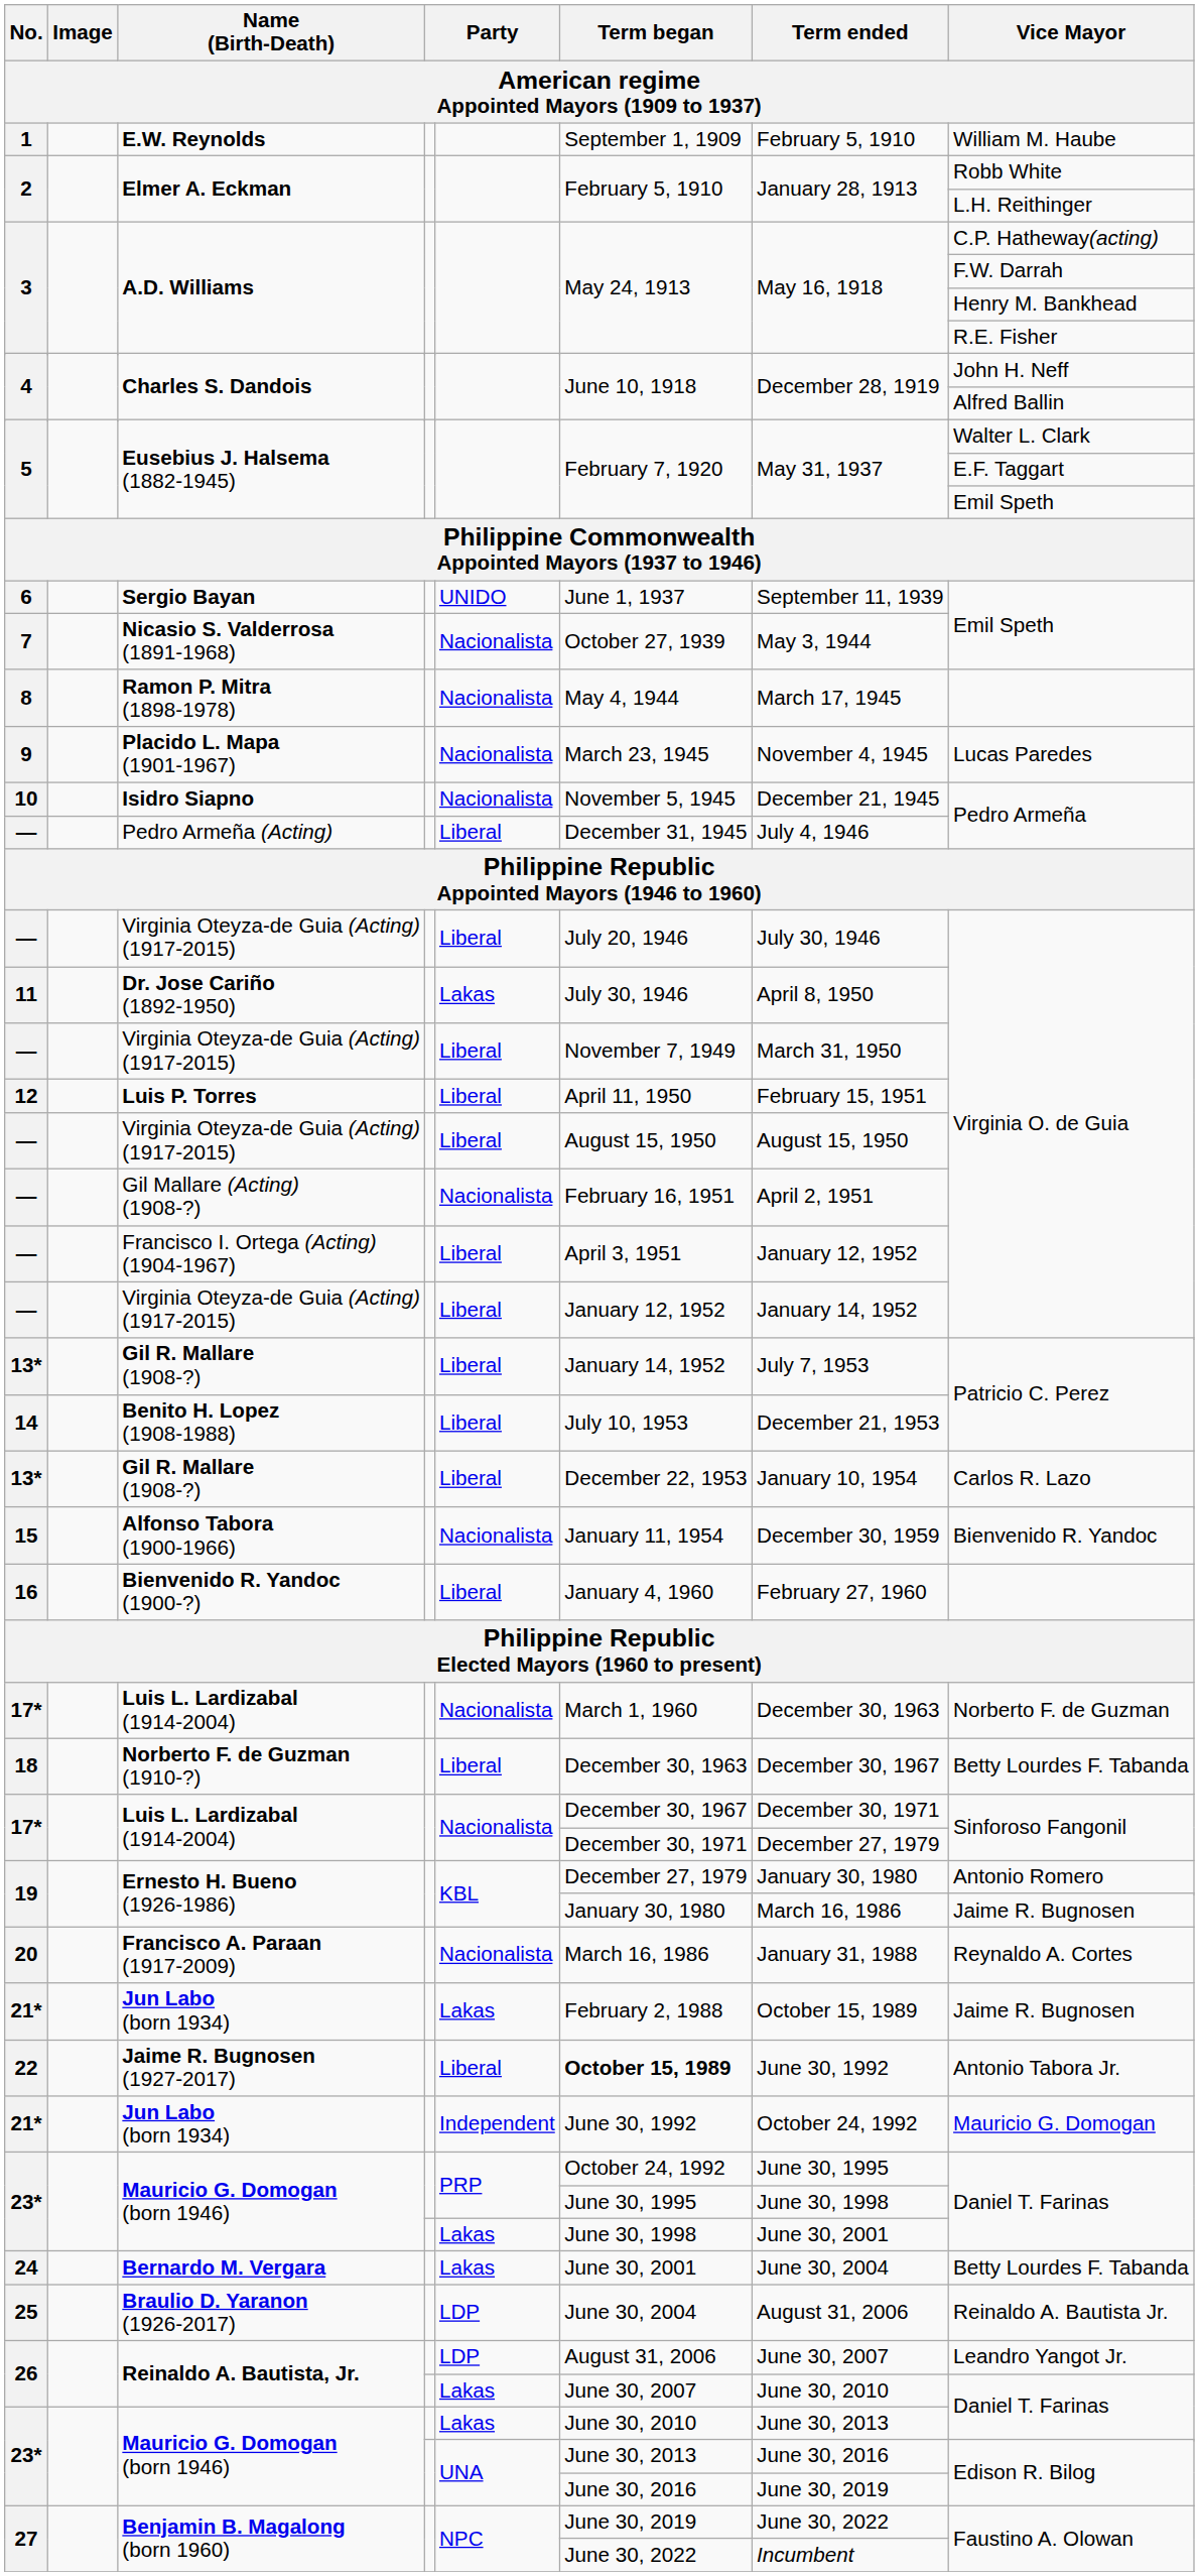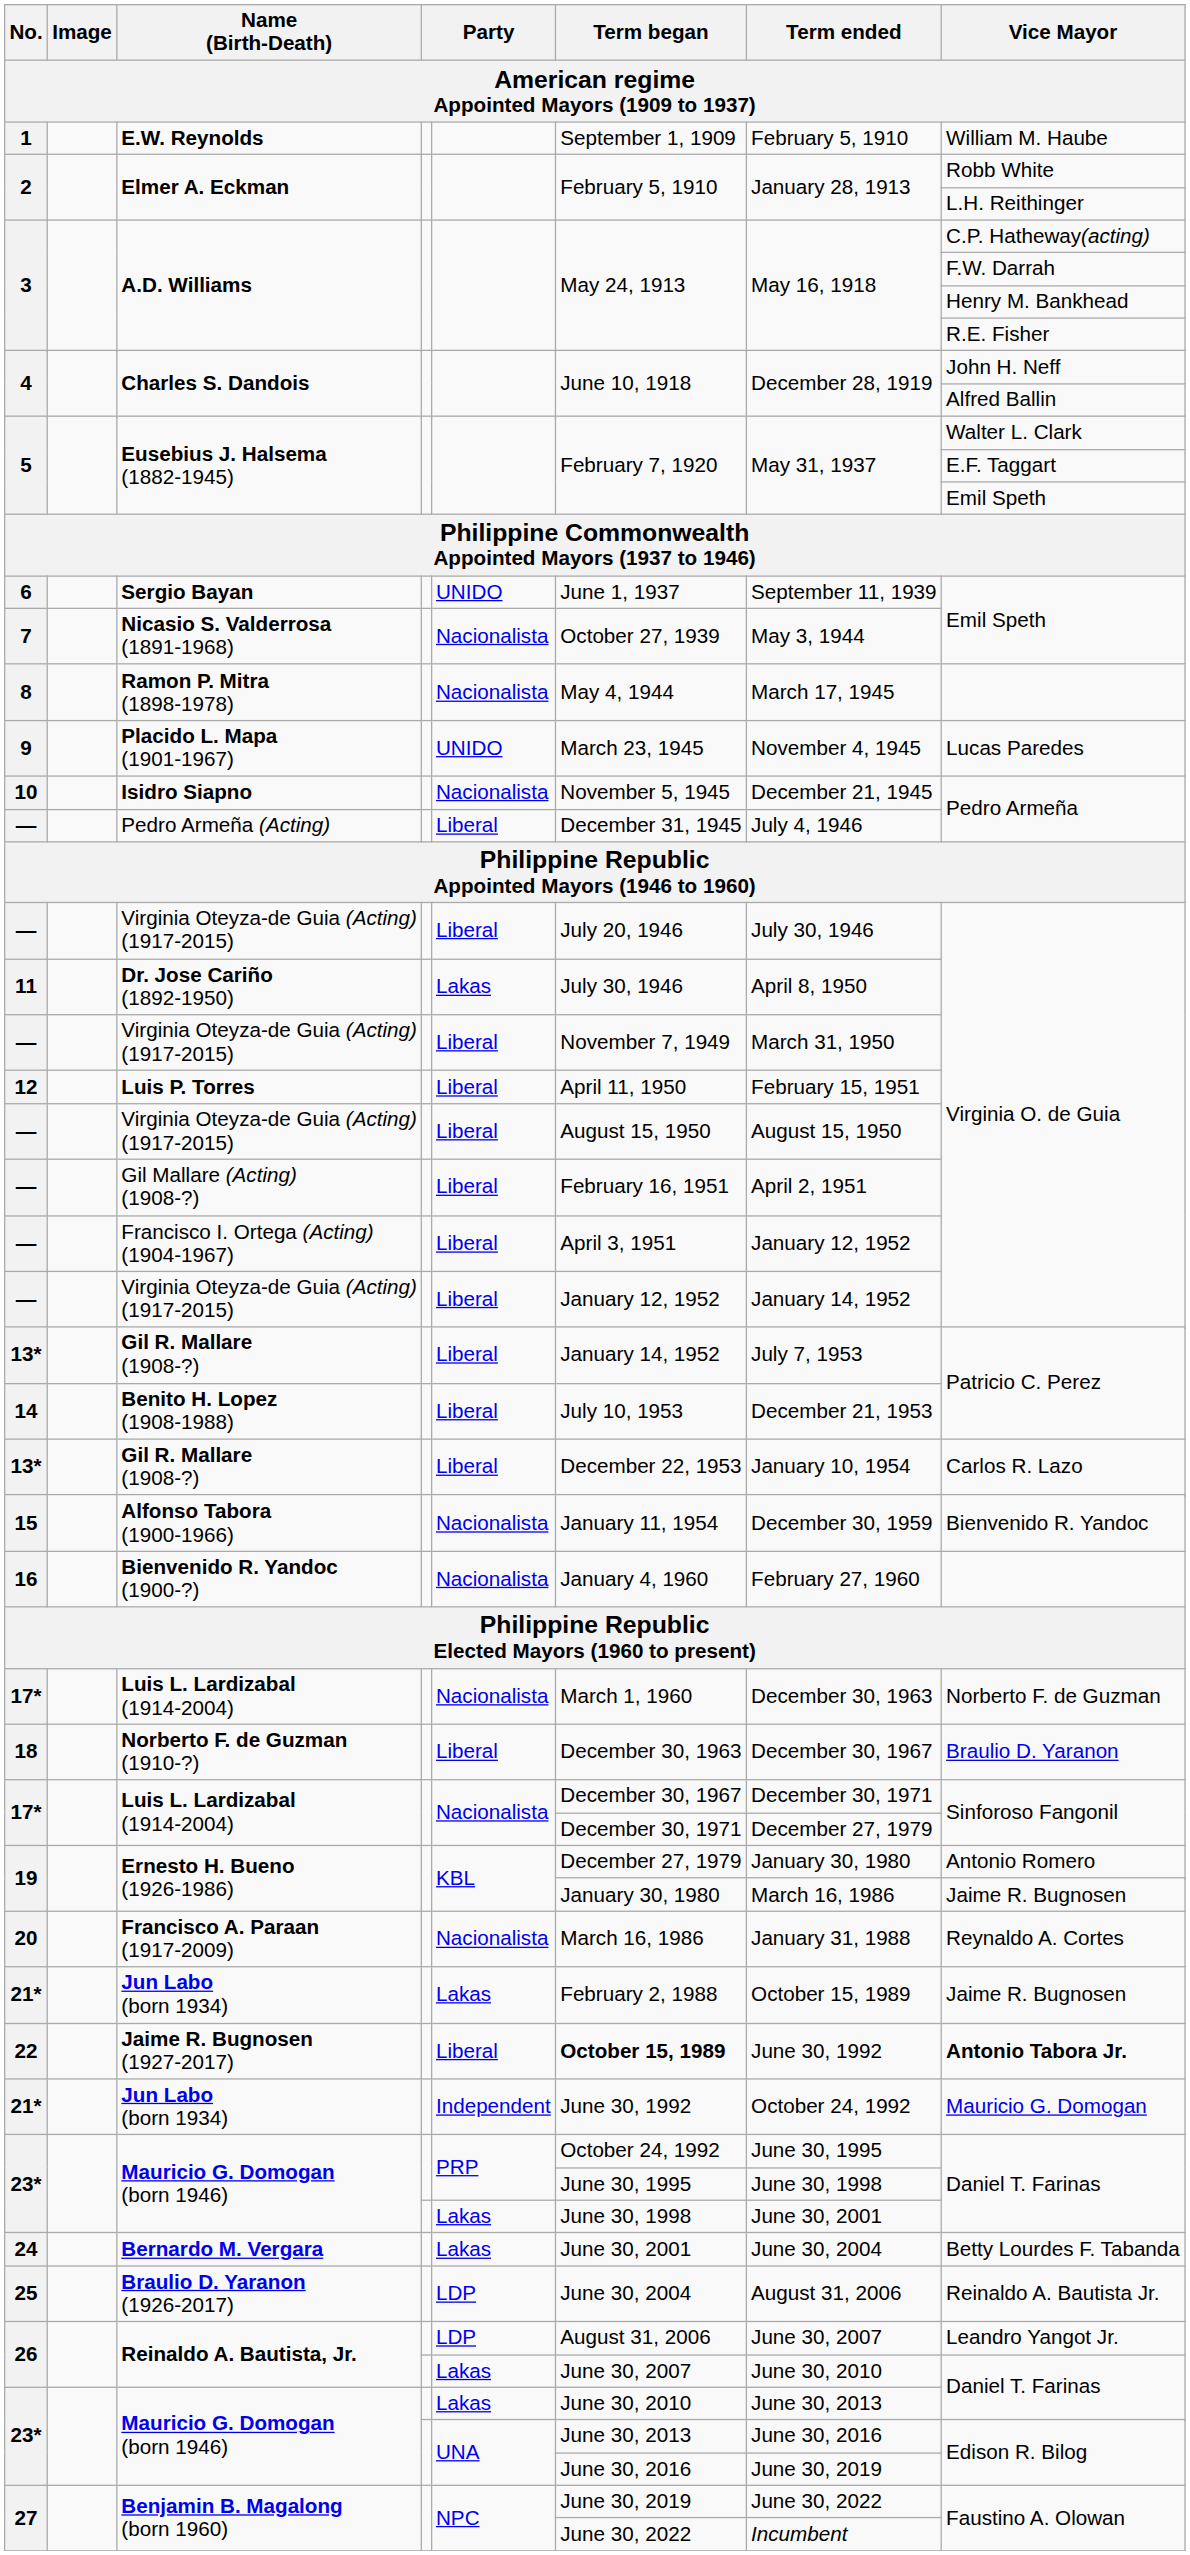 <table class="wikitable">
 <tr>
 <th>No.</th>
 <th>Image</th>
 <th>Name<br>(Birth-Death)</th>
 <th colspan="2">Party</th>
 <th>Term began</th>
 <th>Term ended</th>
 <th>Vice Mayor</th>
 </tr>
 <tr>
 <th colspan="8" align="center"><big>American regime</big> <br>Appointed Mayors (1909 to 1937)</th>
 </tr>
 <tr>
 <th><strong>1</strong></th>
 <td></td>
 <td><strong>E.W. Reynolds</strong></td>
 <td></td>
 <td></td>
 <td>September 1, 1909</td>
 <td>February 5, 1910</td>
 <td>William M. Haube</td>
 </tr>
 <tr>
 <th rowspan="2"><strong>2</strong></th>
 <td rowspan="2"></td>
 <td rowspan="2"><strong>Elmer A. Eckman</strong></td>
 <td rowspan="2"></td>
 <td rowspan="2"></td>
 <td rowspan="2">February 5, 1910</td>
 <td rowspan="2">January 28, 1913</td>
 <td>Robb White</td>
 </tr>
 <tr>
 <td>L.H. Reithinger</td>
 </tr>
 <tr>
 <th rowspan="5"><strong>3</strong></th>
 <td rowspan="5"></td>
 <td rowspan="5"><strong>A.D. Williams</strong></td>
 <td rowspan="5"></td>
 <td rowspan="5"></td>
 <td rowspan="5">May 24, 1913</td>
 <td rowspan="5">May 16, 1918</td>
 <td>C.P. Hatheway<em>(acting)</em></td>
 </tr>
 <tr>
 <td>F.W. Darrah</td>
 </tr>
 <tr>
 <td>Henry M. Bankhead</td>
 </tr>
 <tr>
 <td>R.E. Fisher</td>
 </tr>
 <tr>
 <td rowspan="2">John H. Neff</td>
 </tr>
 <tr>
 <th rowspan="3"><strong>4</strong></th>
 <td rowspan="3"></td>
 <td rowspan="3"><strong>Charles S. Dandois</strong></td>
 <td rowspan="3"></td>
 <td rowspan="3"></td>
 <td rowspan="3">June 10, 1918</td>
 <td rowspan="3">December 28, 1919</td>
 </tr>
 <tr>
 <td>Alfred Ballin</td>
 </tr>
 <tr>
 <td rowspan="2">Walter L. Clark</td>
 </tr>
 <tr>
 <th rowspan="3"><strong>5</strong></th>
 <td rowspan="3"></td>
 <td rowspan="3"><strong>Eusebius J. Halsema</strong><br> (1882-1945)</td>
 <td rowspan="3"></td>
 <td rowspan="3"></td>
 <td rowspan="3">February 7, 1920</td>
 <td rowspan="3">May 31, 1937</td>
 </tr>
 <tr>
 <td>E.F. Taggart</td>
 </tr>
 <tr>
 <td>Emil Speth</td>
 </tr>
 <tr>
 <th colspan="8" align="center"><big>Philippine Commonwealth</big> <br>Appointed Mayors (1937 to 1946)</th>
 </tr>
 <tr>
 <th><strong>6</strong></th>
 <td></td>
 <td><strong>Sergio Bayan</strong></td>
 <td style="background:"></td>
 <td><a href='#'>UNIDO</a></td>
 <td>June 1, 1937</td>
 <td>September 11, 1939</td>
 <td rowspan="2">Emil Speth</td>
 </tr>
 <tr>
 <th><strong>7</strong></th>
 <td></td>
 <td><strong>Nicasio S. Valderrosa</strong><br> (1891-1968)</td>
 <td style="background:"></td>
 <td><a href='#'>Nacionalista</a></td>
 <td>October 27, 1939</td>
 <td>May 3, 1944</td>
 </tr>
 <tr>
 <th><strong>8</strong></th>
 <td></td>
 <td><strong>Ramon P. Mitra</strong><br> (1898-1978)</td>
 <td style="background:"></td>
 <td><a href='#'>Nacionalista</a></td>
 <td>May 4, 1944</td>
 <td>March 17, 1945</td>
 <td></td>
 </tr>
 <tr>
 <th><strong>9</strong></th>
 <td></td>
 <td><strong>Placido L. Mapa</strong><br> (1901-1967)</td>
 <td style="background:"></td>
-<td><a href='#'>Nacionalista</a></td>
+<td><a href='#'>UNIDO</a></td>
 <td>March 23, 1945</td>
 <td>November 4, 1945</td>
 <td>Lucas Paredes</td>
 </tr>
 <tr>
 <th><strong>10</strong></th>
 <td></td>
 <td><strong>Isidro Siapno</strong></td>
 <td style="background:"></td>
 <td><a href='#'>Nacionalista</a></td>
 <td>November 5, 1945</td>
 <td>December 21, 1945</td>
 <td rowspan="2">Pedro Armeña</td>
 </tr>
 <tr>
 <th><strong>—</strong></th>
 <td></td>
 <td>Pedro Armeña <em>(Acting)</em></td>
 <td style="background:"></td>
 <td><a href='#'>Liberal</a></td>
 <td>December 31, 1945</td>
 <td>July 4, 1946</td>
 </tr>
 <tr>
 <th colspan="8"><big>Philippine Republic</big> <br>Appointed Mayors (1946 to 1960)</th>
 </tr>
 <tr>
 <th><strong>—</strong></th>
 <td></td>
 <td>Virginia Oteyza-de Guia <em>(Acting)</em> <br>(1917-2015)</td>
 <td style="background:"></td>
 <td><a href='#'>Liberal</a></td>
 <td>July 20, 1946</td>
 <td>July 30, 1946</td>
 <td rowspan="9">Virginia O. de Guia</td>
 </tr>
 <tr>
 <th><strong>11</strong></th>
 <td></td>
 <td><strong>Dr. Jose Cariño </strong> <br>(1892-1950)</td>
 <td style="background:"></td>
 <td><a href='#'>Lakas</a></td>
 <td>July 30, 1946</td>
 <td>April 8, 1950</td>
 </tr>
 <tr>
 <th><strong>—</strong></th>
 <td></td>
 <td>Virginia Oteyza-de Guia <em>(Acting)</em><br> (1917-2015)</td>
 <td style="background:"></td>
 <td><a href='#'>Liberal</a></td>
 <td>November 7, 1949</td>
 <td>March 31, 1950</td>
 </tr>
 <tr>
 <th><strong>12</strong></th>
 <td></td>
 <td><strong>Luis P. Torres</strong></td>
 <td style="background:"></td>
 <td><a href='#'>Liberal</a></td>
 <td>April 11, 1950</td>
 <td>February 15, 1951</td>
 </tr>
 <tr>
 <th><strong>—</strong></th>
 <td></td>
 <td>Virginia Oteyza-de Guia <em>(Acting)</em><br> (1917-2015)</td>
 <td style="background:"></td>
 <td><a href='#'>Liberal</a></td>
 <td>August 15, 1950</td>
 <td>August 15, 1950</td>
 </tr>
 <tr>
 <th><strong>—</strong></th>
 <td></td>
 <td>Gil Mallare <em>(Acting)</em><br> (1908-?)</td>
 <td style="background:"></td>
-<td><a href='#'>Nacionalista</a></td>
+<td><a href='#'>Liberal</a></td>
 <td>February 16, 1951</td>
 <td>April 2, 1951</td>
 </tr>
 <tr>
 <th><strong>—</strong></th>
 <td></td>
 <td>Francisco I. Ortega <em>(Acting)</em><br> (1904-1967)</td>
 <td style="background:"></td>
 <td><a href='#'>Liberal</a></td>
 <td>April 3, 1951</td>
 <td>January 12, 1952</td>
 </tr>
 <tr>
 <th><strong>—</strong></th>
 <td></td>
 <td>Virginia Oteyza-de Guia <em>(Acting)</em><br> (1917-2015)</td>
 <td style="background:"></td>
 <td><a href='#'>Liberal</a></td>
 <td>January 12, 1952</td>
 <td>January 14, 1952</td>
 </tr>
 <tr>
 <th rowspan="2"><strong>13*</strong></th>
 <td rowspan="2"></td>
 <td rowspan="2"><strong>Gil R. Mallare</strong><br> (1908-?)</td>
 <td rowspan="2" style="background:"></td>
 <td rowspan="2"><a href='#'>Liberal</a></td>
 <td rowspan="2">January 14, 1952</td>
 <td rowspan="2">July 7, 1953</td>
 </tr>
 <tr>
 <td rowspan="2">Patricio C. Perez</td>
 </tr>
 <tr>
 <th><strong>14</strong></th>
 <td></td>
 <td><strong>Benito H. Lopez</strong><br>(1908-1988)</td>
 <td style="background:"></td>
 <td><a href='#'>Liberal</a></td>
 <td>July 10, 1953</td>
 <td>December 21, 1953</td>
 </tr>
 <tr>
 <th><strong>13*</strong></th>
 <td></td>
 <td><strong>Gil R. Mallare</strong><br> (1908-?)</td>
 <td style="background:"></td>
 <td><a href='#'>Liberal</a></td>
 <td>December 22, 1953</td>
 <td>January 10, 1954</td>
 <td rowspan="2">Carlos R. Lazo</td>
 </tr>
 <tr>
 <th rowspan="2"><strong>15</strong></th>
 <td rowspan="2"></td>
 <td rowspan="2"><strong>Alfonso Tabora</strong><br> (1900-1966)</td>
 <td rowspan="2" style="background:"></td>
 <td rowspan="2"><a href='#'>Nacionalista</a></td>
 <td rowspan="2">January 11, 1954</td>
 <td rowspan="2">December 30, 1959</td>
 </tr>
 <tr>
 <td>Bienvenido R. Yandoc</td>
 </tr>
 <tr>
 <th><strong>16</strong></th>
 <td></td>
 <td><strong>Bienvenido R. Yandoc</strong><br> (1900-?)</td>
 <td style="background:"></td>
-<td><a href='#'>Liberal</a></td>
+<td><a href='#'>Nacionalista</a></td>
 <td>January 4, 1960</td>
 <td>February 27, 1960</td>
 <td></td>
 </tr>
 <tr>
 <th colspan="8" align="center"><big>Philippine Republic</big> <br>Elected Mayors (1960 to present)</th>
 </tr>
 <tr>
 <th><strong>17*</strong></th>
 <td></td>
 <td><strong>Luis L. Lardizabal</strong><br>(1914-2004)</td>
 <td style="background:"></td>
 <td><a href='#'>Nacionalista</a></td>
 <td>March 1, 1960</td>
 <td>December 30, 1963</td>
 <td>Norberto F. de Guzman</td>
 </tr>
 <tr>
 <th><strong>18</strong></th>
 <td></td>
 <td><strong>Norberto F. de Guzman</strong><br> (1910-?)</td>
 <td style="background:"></td>
 <td><a href='#'>Liberal</a></td>
 <td>December 30, 1963</td>
 <td>December 30, 1967</td>
-<td>Betty Lourdes F. Tabanda</td>
+<td><a href='#'>Braulio D. Yaranon</a></td>
 </tr>
 <tr>
 <th rowspan="2"><strong>17*</strong></th>
 <td rowspan="2"></td>
 <td rowspan="2"><strong>Luis L. Lardizabal</strong><br>(1914-2004)</td>
 <td rowspan="2" style="background:"></td>
 <td rowspan="2"><a href='#'>Nacionalista</a></td>
 <td>December 30, 1967</td>
 <td>December 30, 1971</td>
 <td rowspan="2">Sinforoso Fangonil</td>
 </tr>
 <tr>
 <td>December 30, 1971</td>
 <td>December 27, 1979</td>
 </tr>
 <tr>
 <th rowspan="3"><strong>19</strong></th>
 <td rowspan="3"></td>
 <td rowspan="3"><strong>Ernesto H. Bueno</strong> <br>(1926-1986)</td>
 <td rowspan="3" style="background:"></td>
 <td rowspan="3"><a href='#'>KBL</a></td>
 <td>December 27, 1979</td>
 <td>January 30, 1980</td>
 <td rowspan="2">Antonio Romero </td>
 </tr>
 <tr>
 <td rowspan="2">January 30, 1980</td>
 <td rowspan="2">March 16, 1986</td>
 </tr>
 <tr>
 <td>Jaime R. Bugnosen </td>
 </tr>
 <tr>
 <th><strong>20</strong></th>
 <td></td>
 <td><strong>Francisco A. Paraan</strong><br>(1917-2009)</td>
 <td style="background:"></td>
 <td><a href='#'>Nacionalista</a></td>
 <td>March 16, 1986</td>
 <td>January 31, 1988</td>
 <td>Reynaldo A. Cortes</td>
 </tr>
 <tr>
 <th><strong>21*</strong></th>
 <td></td>
 <td><strong><a href='#'>Jun Labo</a></strong>  <br>(born 1934)</td>
 <td style="background:"></td>
 <td><a href='#'>Lakas</a></td>
 <td>February 2, 1988</td>
 <td>October 15, 1989</td>
 <td>Jaime R. Bugnosen</td>
 </tr>
 <tr>
 <th><strong>22</strong></th>
 <td></td>
 <td><strong>Jaime R. Bugnosen</strong> <br>(1927-2017)</td>
 <td style="background:"></td>
 <td><a href='#'>Liberal</a></td>
 <td><strong>October 15, 1989</strong></td>
 <td>June 30, 1992</td>
-<td>Antonio Tabora Jr.</td>
+<td><strong>Antonio Tabora Jr.</strong></td>
 </tr>
 <tr>
 <th><strong>21*</strong></th>
 <td></td>
 <td><strong><a href='#'>Jun Labo</a></strong>  <br>(born 1934)</td>
 <td style="background:"></td>
 <td><a href='#'>Independent</a></td>
 <td>June 30, 1992</td>
 <td>October 24, 1992</td>
 <td><a href='#'>Mauricio G. Domogan</a></td>
 </tr>
 <tr>
 <th rowspan="3"><strong>23*</strong></th>
 <td rowspan="3"></td>
 <td rowspan="3"><strong><a href='#'>Mauricio G. Domogan</a></strong> <br>(born 1946)</td>
 <td rowspan="2" style="background:"></td>
 <td rowspan="2"><a href='#'>PRP</a></td>
 <td>October 24, 1992</td>
 <td>June 30, 1995</td>
 <td rowspan="3">Daniel T. Farinas </td>
 </tr>
 <tr>
 <td>June 30, 1995</td>
 <td>June 30, 1998</td>
 </tr>
 <tr>
 <td style="background:"></td>
 <td><a href='#'>Lakas</a></td>
 <td>June 30, 1998</td>
 <td>June 30, 2001</td>
 </tr>
 <tr>
 <th><strong>24</strong></th>
 <td></td>
 <td><strong><a href='#'>Bernardo M. Vergara</a></strong></td>
 <td style="background:"></td>
 <td><a href='#'>Lakas</a></td>
 <td>June 30, 2001</td>
 <td>June 30, 2004</td>
 <td>Betty Lourdes F. Tabanda</td>
 </tr>
 <tr>
 <th><strong>25</strong></th>
 <td></td>
 <td><strong><a href='#'>Braulio D. Yaranon</a></strong> <br>(1926-2017)</td>
 <td style="background:"></td>
 <td><a href='#'>LDP</a></td>
 <td>June 30, 2004</td>
 <td>August 31, 2006</td>
 <td>Reinaldo A. Bautista Jr.</td>
 </tr>
 <tr>
 <th rowspan="2"><strong>26</strong></th>
 <td rowspan="2"></td>
 <td rowspan="2"><strong>Reinaldo A. Bautista, Jr.</strong> </td>
 <td style="background:"></td>
 <td><a href='#'>LDP</a></td>
 <td>August 31, 2006</td>
 <td>June 30, 2007</td>
 <td>Leandro Yangot Jr. </td>
 </tr>
 <tr>
 <td style="background:"></td>
 <td><a href='#'>Lakas</a></td>
 <td>June 30, 2007</td>
 <td>June 30, 2010</td>
 <td rowspan="3">Daniel T. Farinas </td>
 </tr>
 <tr>
 <th rowspan="4"><strong>23*</strong></th>
 <td rowspan="4"></td>
 <td rowspan="4"><a href='#'><strong>Mauricio G. Domogan</strong></a><br>(born 1946)</td>
 <td style="background:"></td>
 <td><a href='#'>Lakas</a></td>
 <td>June 30, 2010</td>
 <td>June 30, 2013</td>
 </tr>
 <tr>
 <td rowspan="3" style="background:"></td>
 <td rowspan="3"><a href='#'>UNA</a></td>
 <td rowspan="2">June 30, 2013</td>
 <td rowspan="2">June 30, 2016</td>
 </tr>
 <tr>
 <td rowspan="2">Edison R. Bilog </td>
 </tr>
 <tr>
 <td>June 30, 2016</td>
 <td>June 30, 2019</td>
 </tr>
 <tr>
 <th rowspan="2"><strong>27</strong></th>
 <td rowspan="2"></td>
 <td rowspan="2"><a href='#'><strong>Benjamin B. Magalong</strong></a><br>(born 1960)</td>
 <td rowspan="2" style="background:"></td>
 <td rowspan="2"><a href='#'>NPC</a></td>
 <td>June 30, 2019</td>
 <td>June 30, 2022</td>
 <td rowspan="2">Faustino A. Olowan</td>
 </tr>
 <tr>
 <td>June 30, 2022</td>
 <td><em>Incumbent</em></td>
 </tr>
 <tr>
 </tr>
 </table>
